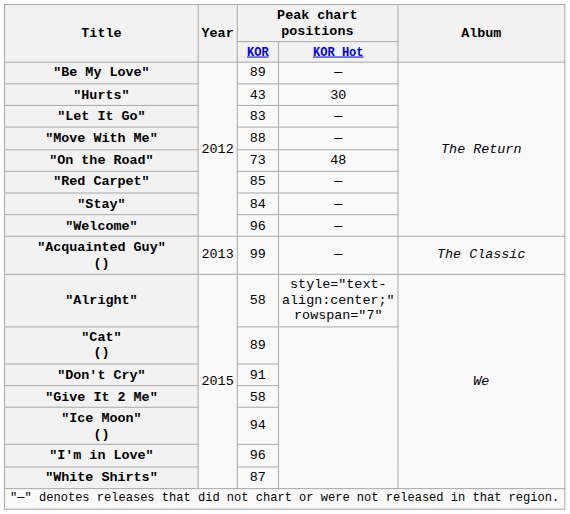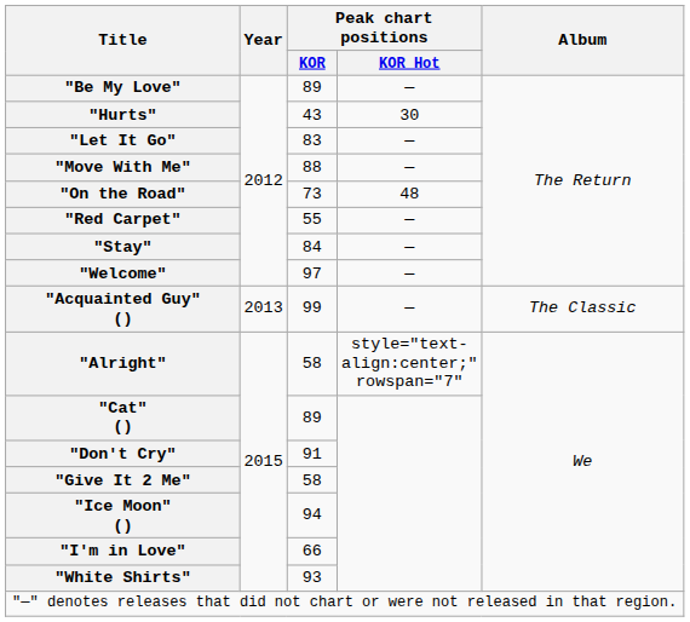 <table class="wikitable plainrowheaders" style="text-align:center;" border="1">
 <tr>
 <th scope="col" rowspan="2" style="width:14em;">Title</th>
 <th scope="col" rowspan="2">Year</th>
 <th scope="col" colspan="2">Peak chart positions</th>
 <th scope="col" rowspan="2" style="width:12em;">Album</th>
 </tr>
 <tr>
 <th scope="col" style="width:3em;font-size:90%;"><a href='#'>KOR</a><br></th>
 <th scope="col" style="width:3em;font-size:90%;"><a href='#'>KOR Hot</a><br></th>
 </tr>
 <tr>
 <th scope="row">"Be My Love"</th>
 <td style="text-align:center;" rowspan="8">2012</td>
 <td style="text-align:center;">89</td>
 <td style="text-align:center;">—</td>
 <td rowspan="8"><em>The Return</em></td>
 </tr>
 <tr>
 <th scope="row">"Hurts"</th>
 <td style="text-align:center;">43</td>
 <td style="text-align:center;">30</td>
 </tr>
 <tr>
 <th scope="row">"Let It Go"</th>
 <td style="text-align:center;">83</td>
 <td style="text-align:center;">—</td>
 </tr>
 <tr>
 <th scope="row">"Move With Me"</th>
 <td style="text-align:center;">88</td>
 <td style="text-align:center;">—</td>
 </tr>
 <tr>
 <th scope="row">"On the Road"</th>
 <td style="text-align:center;">73</td>
 <td style="text-align:center;">48</td>
 </tr>
 <tr>
 <th scope="row">"Red Carpet"</th>
-<td style="text-align:center;">85</td>
+<td style="text-align:center;">55</td>
 <td style="text-align:center;">—</td>
 </tr>
 <tr>
 <th scope="row">"Stay"</th>
 <td style="text-align:center;">84</td>
 <td style="text-align:center;">—</td>
 </tr>
 <tr>
 <th scope="row">"Welcome"</th>
-<td style="text-align:center;">96</td>
+<td style="text-align:center;">97</td>
 <td style="text-align:center;">—</td>
 </tr>
 <tr>
 <th scope="row">"Acquainted Guy"<br>()</th>
 <td style="text-align:center;">2013</td>
 <td style="text-align:center;">99</td>
 <td style="text-align:center;">—</td>
 <td><em>The Classic</em></td>
 </tr>
 <tr>
 <th scope="row">"Alright"</th>
 <td style="text-align:center;" rowspan="7">2015</td>
 <td style="text-align:center;">58</td>
 <td>style="text-align:center;" rowspan="7" </td>
 <td rowspan="7"><em>We</em></td>
 </tr>
 <tr>
 <th scope="row">"Cat"<br>()</th>
 <td style="text-align:center;">89</td>
 </tr>
 <tr>
 <th scope="row">"Don't Cry"</th>
 <td style="text-align:center;">91</td>
 </tr>
 <tr>
 <th scope="row">"Give It 2 Me"</th>
 <td style="text-align:center;">58</td>
 </tr>
 <tr>
 <th scope="row">"Ice Moon"<br>()</th>
 <td style="text-align:center;">94</td>
 </tr>
 <tr>
 <th scope="row">"I'm in Love"</th>
-<td style="text-align:center;">96</td>
+<td style="text-align:center;">66</td>
 </tr>
 <tr>
 <th scope="row">"White Shirts"</th>
-<td style="text-align:center;">87</td>
+<td style="text-align:center;">93</td>
 </tr>
 <tr>
 <td colspan="5" style="font-size:90%">"—" denotes releases that did not chart or were not released in that region.</td>
 </tr>
 </table>
